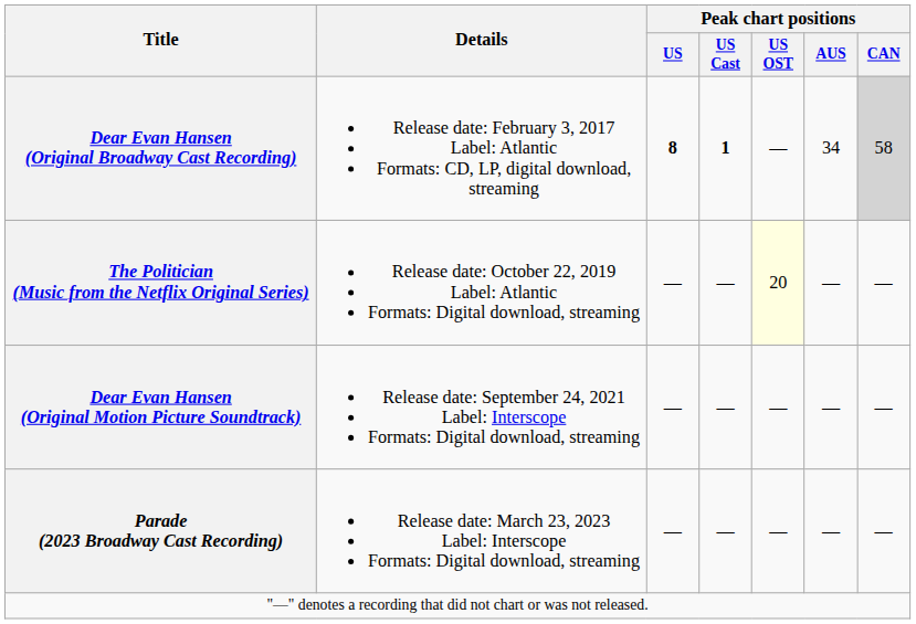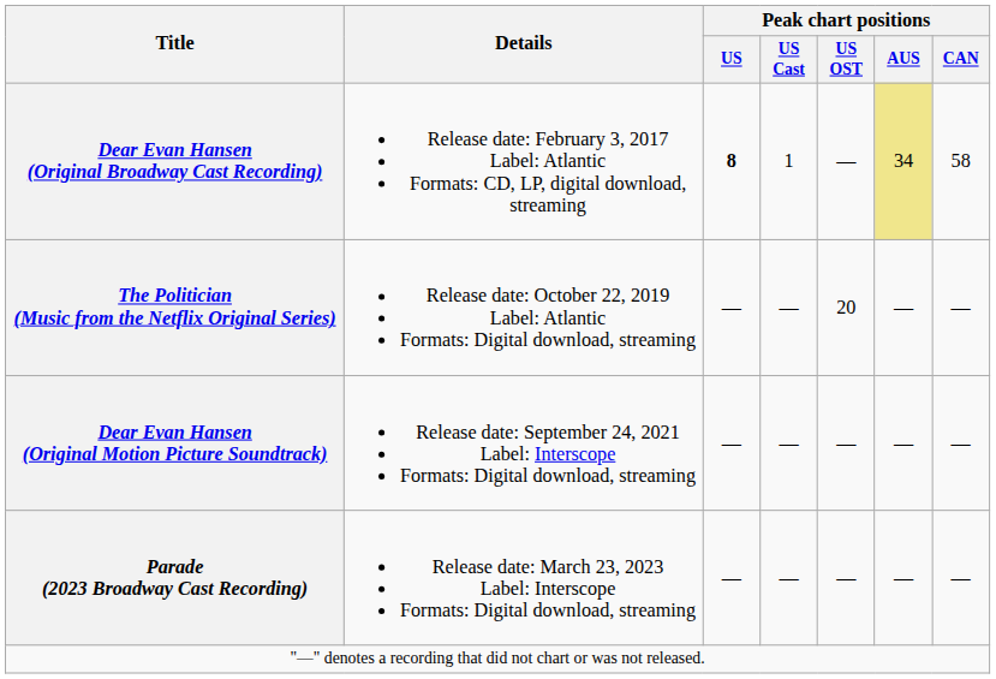 <table class="wikitable plainrowheaders" style="text-align:center;">
 <tr>
 <th scope="col" rowspan="2" style="width:17em;">Title</th>
 <th scope="col" rowspan="2" style="width:18em;">Details</th>
 <th scope="col" colspan="5">Peak chart positions</th>
 </tr>
 <tr>
 <th scope="col" style="width:3em;font-size:85%;"><a href='#'>US</a><br></th>
 <th scope="col" style="width:3em;font-size:85%;"><a href='#'>US<br>Cast</a></th>
 <th scope="col" style="width:3em;font-size:85%;"><a href='#'>US<br>OST</a><br></th>
 <th scope="col" style="width:3em;font-size:85%;"><a href='#'>AUS</a><br></th>
 <th scope="col" style="width:3em;font-size:85%;"><a href='#'>CAN</a><br></th>
 </tr>
 <tr>
 <th scope="row"><em><a href='#'>Dear Evan Hansen<br>(Original Broadway Cast Recording)</a></em></th>
 <td><br><ul><li>Release date: February 3, 2017</li><li>Label: Atlantic</li><li>Formats: CD, LP, digital download, streaming</li></ul></td>
 <td><strong>8</strong></td>
-<td><strong>1</strong></td>
+<td>1</td>
 <td>—</td>
-<td>34</td>
-<td style="background: lightgrey;">58</td>
+<td style="background: khaki;">34</td>
+<td>58</td>
 </tr>
 <tr>
 <th scope="row"><em><a href='#'>The Politician<br>(Music from the Netflix Original Series)</a></em></th>
 <td><br><ul><li>Release date: October 22, 2019</li><li>Label: Atlantic</li><li>Formats: Digital download, streaming</li></ul></td>
 <td>—</td>
 <td>—</td>
-<td style="background: lightyellow;">20</td>
+<td>20</td>
 <td>—</td>
 <td>—</td>
 </tr>
 <tr>
 <th scope="row"><em><a href='#'>Dear Evan Hansen<br>(Original Motion Picture Soundtrack)</a></em></th>
 <td><br><ul><li>Release date: September 24, 2021</li><li>Label: <a href='#'>Interscope</a></li><li>Formats: Digital download, streaming</li></ul></td>
 <td>—</td>
 <td>—</td>
 <td>—</td>
 <td>—</td>
 <td>—</td>
 </tr>
 <tr>
 <th scope="row"><em>Parade<br>(2023 Broadway Cast Recording)</em></th>
 <td><br><ul><li>Release date: March 23, 2023</li><li>Label: Interscope</li><li>Formats: Digital download, streaming</li></ul></td>
 <td>—</td>
 <td>—</td>
 <td>—</td>
 <td>—</td>
 <td>—</td>
 </tr>
 <tr>
 <td colspan="7" style="font-size:85%">"—" denotes a recording that did not chart or was not released.</td>
 </tr>
 </table>
